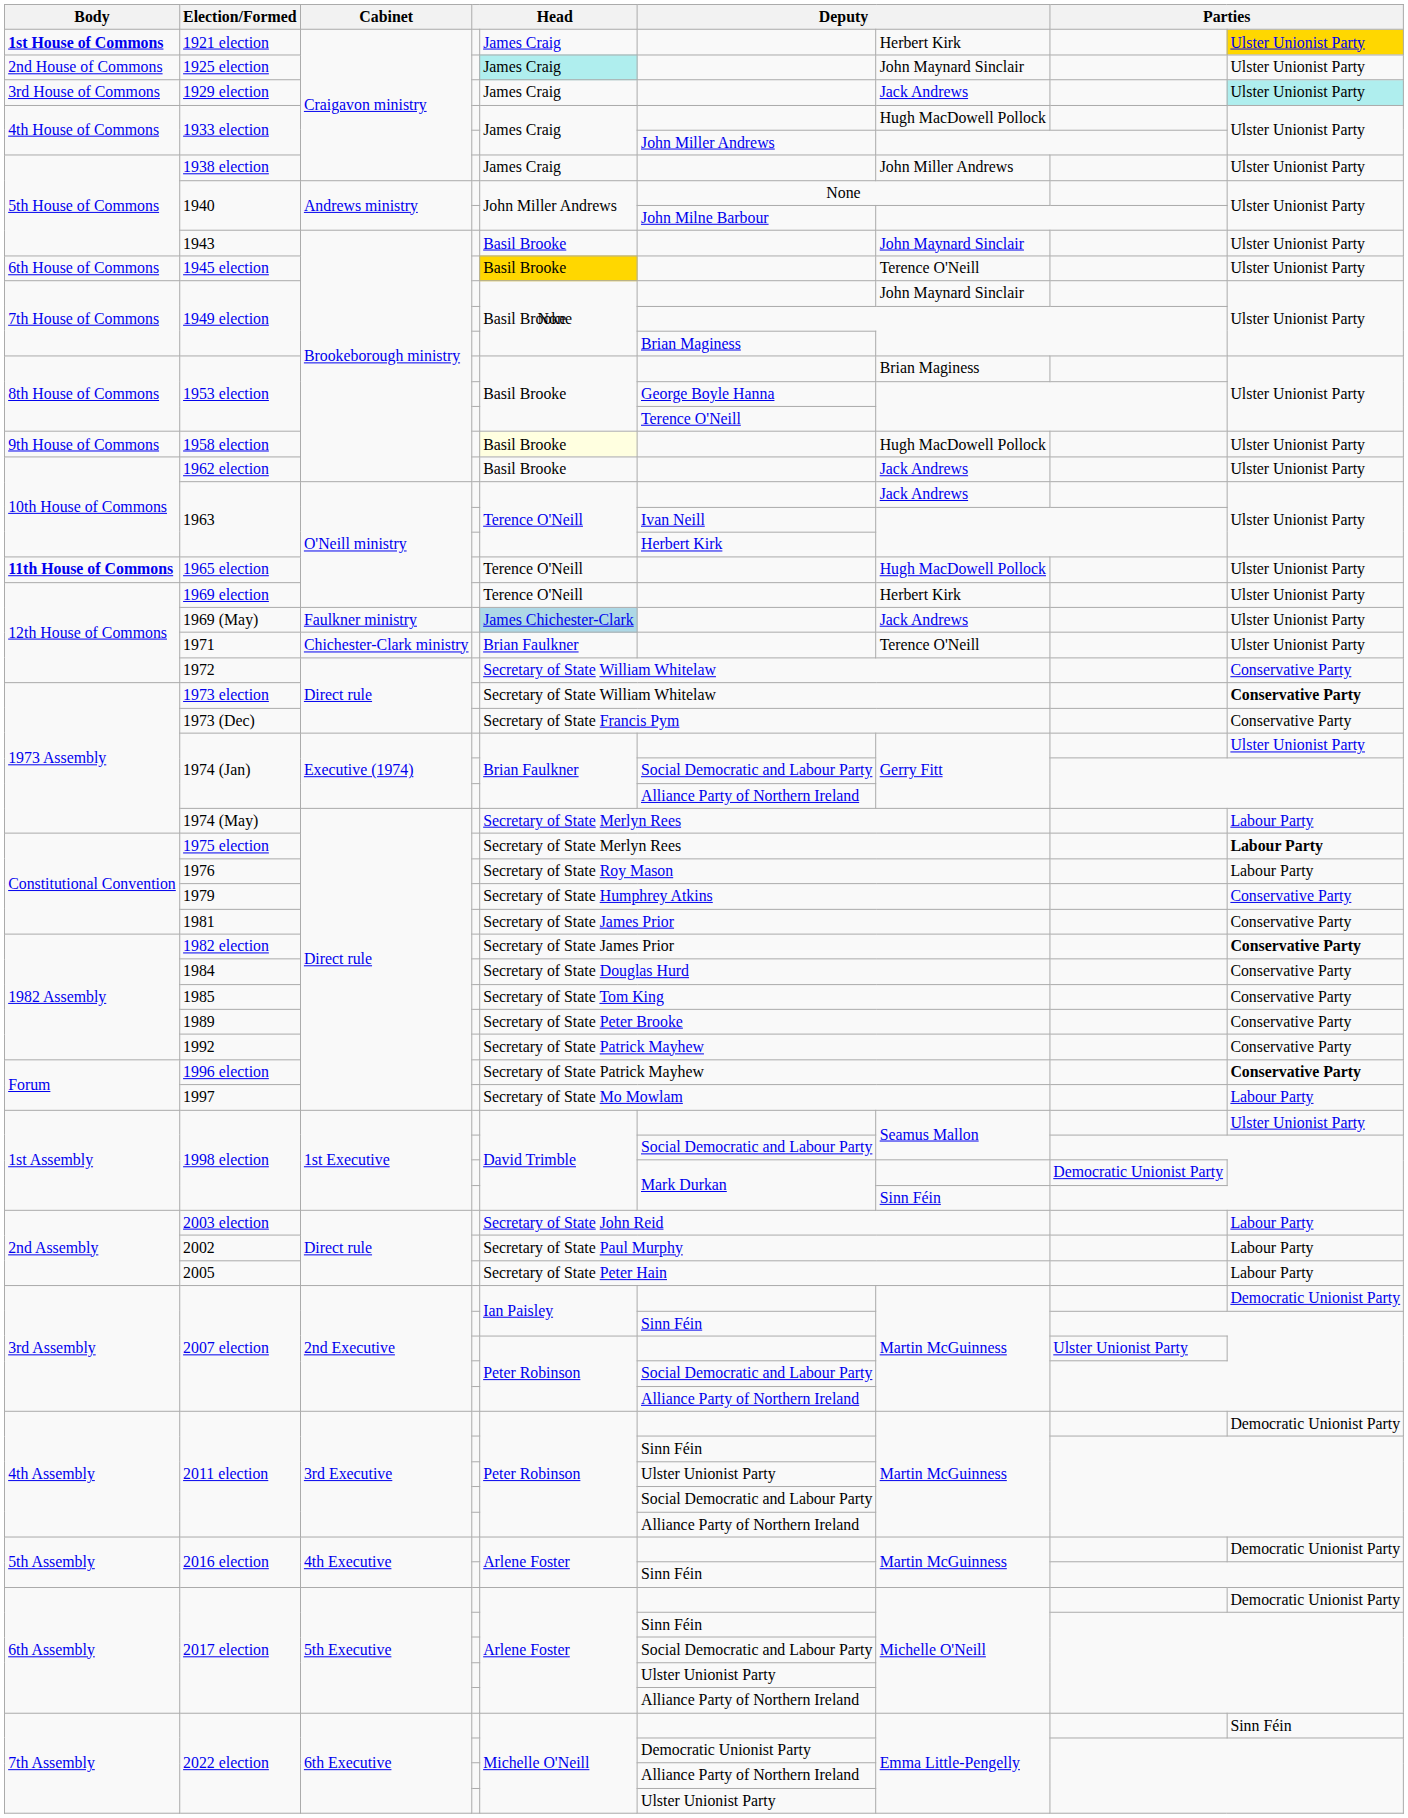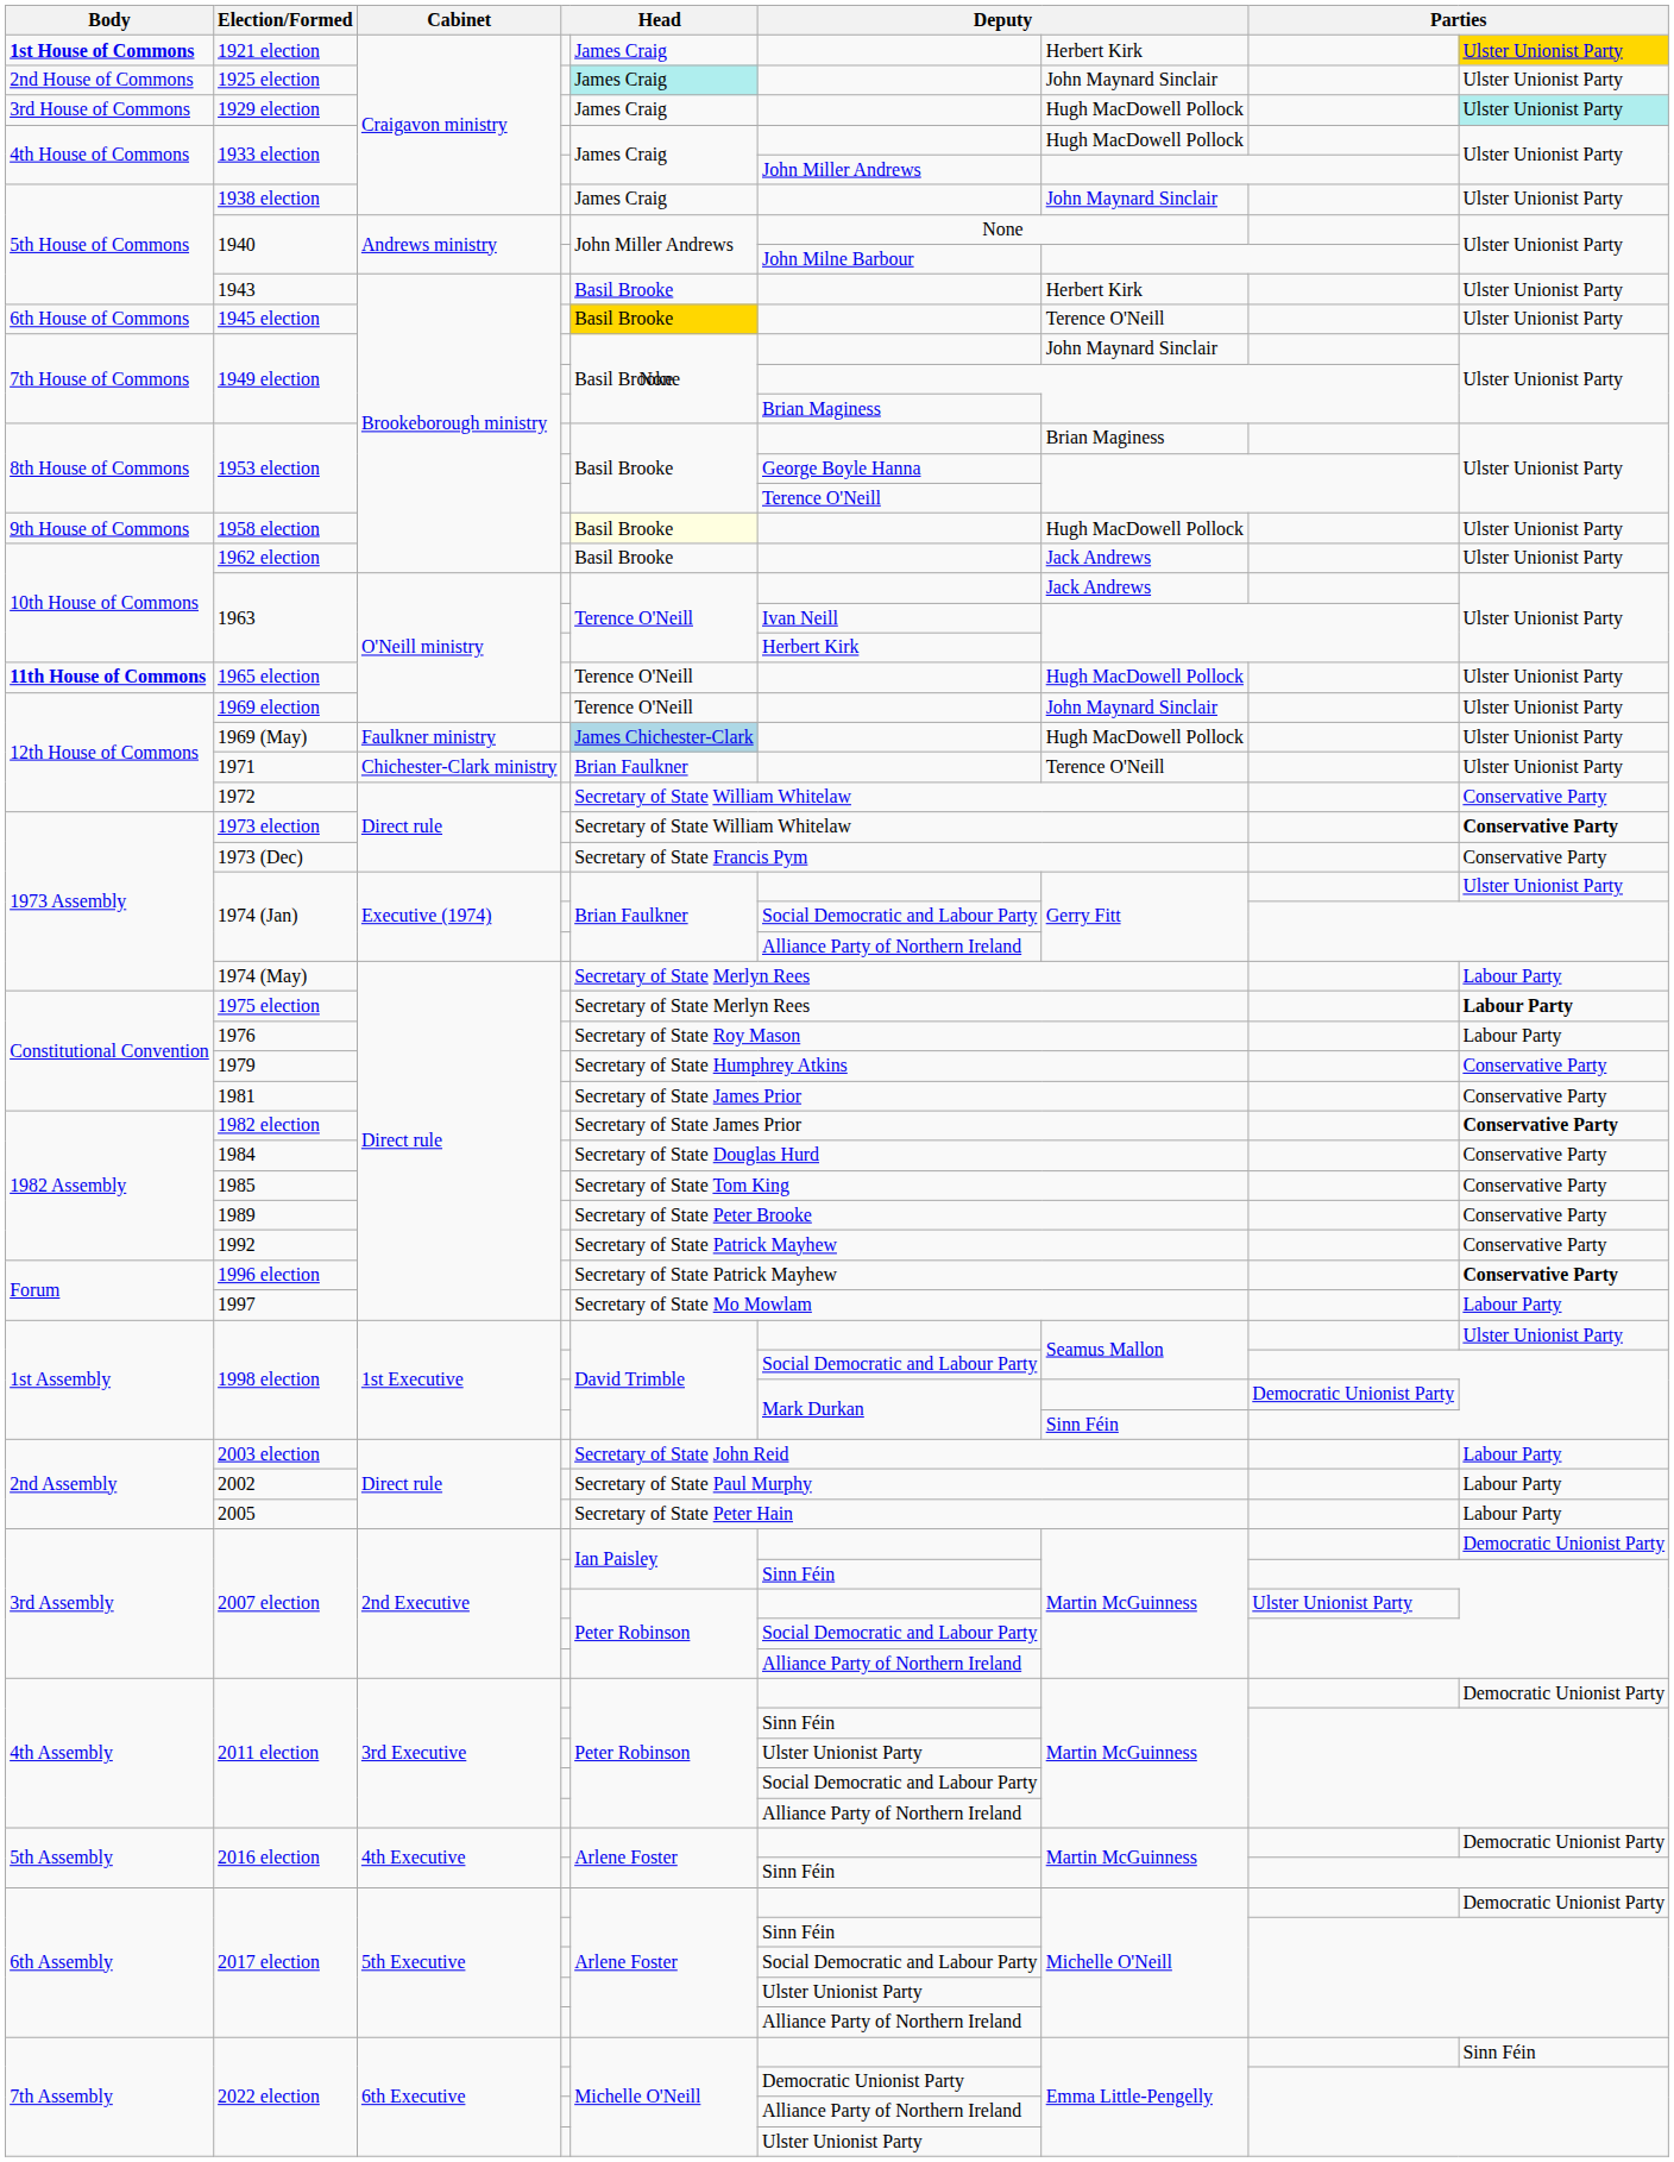 <table class="wikitable">
 <tr>
 <th>Body</th>
 <th>Election/Formed</th>
 <th>Cabinet</th>
 <th colspan="2">Head</th>
 <th colspan="2">Deputy</th>
 <th colspan="2">Parties</th>
 </tr>
 <tr>
 <td><strong><a href='#'>1st House of Commons</a></strong></td>
 <td><a href='#'>1921 election</a></td>
 <td rowspan=6><a href='#'>Craigavon ministry</a></td>
 <td style="background-color: "></td>
 <td><a href='#'>James Craig</a></td>
 <td style="background-color: "></td>
 <td>Herbert Kirk</td>
 <td style="background-color: "></td>
 <td style="background: gold;"><a href='#'>Ulster Unionist Party</a></td>
 </tr>
 <tr>
 <td><a href='#'>2nd House of Commons</a></td>
 <td><a href='#'>1925 election</a></td>
 <td style="background-color: "></td>
 <td style="background: paleturquoise;">James Craig</td>
 <td style="background-color: "></td>
 <td>John Maynard Sinclair</td>
 <td style="background-color: "></td>
 <td>Ulster Unionist Party</td>
 </tr>
 <tr>
 <td><a href='#'>3rd House of Commons</a></td>
 <td><a href='#'>1929 election</a></td>
 <td style="background-color: "></td>
 <td>James Craig</td>
 <td style="background-color: "></td>
-<td><a href='#'>Jack Andrews</a></td>
+<td>Hugh MacDowell Pollock</td>
 <td style="background-color: "></td>
 <td style="background: paleturquoise;">Ulster Unionist Party</td>
 </tr>
 <tr>
 <td rowspan=2><a href='#'>4th House of Commons</a></td>
 <td rowspan=2><a href='#'>1933 election</a></td>
 <td style="background-color: "></td>
 <td rowspan=2>James Craig</td>
 <td style="background-color: "></td>
 <td>Hugh MacDowell Pollock</td>
 <td style="background-color: "></td>
 <td rowspan=2>Ulster Unionist Party</td>
 </tr>
 <tr>
 <td style="background-color: "></td>
 <td><a href='#'>John Miller Andrews</a></td>
 </tr>
 <tr>
 <td rowspan=4><a href='#'>5th House of Commons</a></td>
 <td><a href='#'>1938 election</a></td>
 <td style="background-color: "></td>
 <td>James Craig</td>
 <td style="background-color: "></td>
-<td>John Miller Andrews</td>
+<td><a href='#'>John Maynard Sinclair</a></td>
 <td style="background-color: "></td>
 <td>Ulster Unionist Party</td>
 </tr>
 <tr>
 <td rowspan=2>1940</td>
 <td rowspan=2><a href='#'>Andrews ministry</a></td>
 <td style="background-color: "></td>
 <td rowspan=2>John Miller Andrews</td>
 <td colspan=2 align=center>None</td>
 <td style="background-color: "></td>
 <td rowspan=2>Ulster Unionist Party</td>
 </tr>
 <tr>
 <td style="background-color: "></td>
 <td><a href='#'>John Milne Barbour</a></td>
 </tr>
 <tr>
 <td>1943</td>
 <td rowspan=10><a href='#'>Brookeborough ministry</a></td>
 <td style="background-color: "></td>
 <td><a href='#'>Basil Brooke</a></td>
 <td style="background-color: "></td>
-<td><a href='#'>John Maynard Sinclair</a></td>
+<td>Herbert Kirk</td>
 <td style="background-color: "></td>
 <td>Ulster Unionist Party</td>
 </tr>
 <tr>
 <td><a href='#'>6th House of Commons</a></td>
 <td><a href='#'>1945 election</a></td>
 <td style="background-color: "></td>
 <td style="background: gold;">Basil Brooke</td>
 <td style="background-color: "></td>
 <td>Terence O'Neill</td>
 <td style="background-color: "></td>
 <td>Ulster Unionist Party</td>
 </tr>
 <tr>
 <td rowspan=3><a href='#'>7th House of Commons</a></td>
 <td rowspan=3><a href='#'>1949 election</a></td>
 <td style="background-color: "></td>
 <td rowspan=3>Basil Brooke</td>
 <td style="background-color: "></td>
 <td>John Maynard Sinclair</td>
 <td style="background-color: "></td>
 <td rowspan=3>Ulster Unionist Party</td>
 </tr>
 <tr>
 <td colspan=2 align=center>None</td>
 </tr>
 <tr>
 <td style="background-color: "></td>
 <td><a href='#'>Brian Maginess</a></td>
 </tr>
 <tr>
 <td rowspan=3><a href='#'>8th House of Commons</a></td>
 <td rowspan=3><a href='#'>1953 election</a></td>
 <td style="background-color: "></td>
 <td rowspan=3>Basil Brooke</td>
 <td style="background-color: "></td>
 <td>Brian Maginess</td>
 <td style="background-color: "></td>
 <td rowspan=3>Ulster Unionist Party</td>
 </tr>
 <tr>
 <td style="background-color: "></td>
 <td><a href='#'>George Boyle Hanna</a></td>
 </tr>
 <tr>
 <td style="background-color: "></td>
 <td><a href='#'>Terence O'Neill</a></td>
 </tr>
 <tr>
 <td><a href='#'>9th House of Commons</a></td>
 <td><a href='#'>1958 election</a></td>
 <td style="background-color: "></td>
 <td style="background: lightyellow;">Basil Brooke</td>
 <td style="background-color: "></td>
 <td>Hugh MacDowell Pollock</td>
 <td style="background-color: "></td>
 <td>Ulster Unionist Party</td>
 </tr>
 <tr>
 <td rowspan=4><a href='#'>10th House of Commons</a></td>
 <td><a href='#'>1962 election</a></td>
 <td style="background-color: "></td>
 <td>Basil Brooke</td>
 <td style="background-color: "></td>
 <td><a href='#'>Jack Andrews</a></td>
 <td style="background-color: "></td>
 <td>Ulster Unionist Party</td>
 </tr>
 <tr>
 <td rowspan=3>1963</td>
 <td rowspan=5><a href='#'>O'Neill ministry</a></td>
 <td style="background-color: "></td>
 <td rowspan=3><a href='#'>Terence O'Neill</a></td>
 <td style="background-color: "></td>
 <td><a href='#'>Jack Andrews</a></td>
 <td style="background-color: "></td>
 <td rowspan=3>Ulster Unionist Party</td>
 </tr>
 <tr>
 <td style="background-color: "></td>
 <td><a href='#'>Ivan Neill</a></td>
 </tr>
 <tr>
 <td style="background-color: "></td>
 <td><a href='#'>Herbert Kirk</a></td>
 </tr>
 <tr>
 <td><strong><a href='#'>11th House of Commons</a></strong></td>
 <td><a href='#'>1965 election</a></td>
 <td style="background-color: "></td>
 <td>Terence O'Neill</td>
 <td style="background-color: "></td>
 <td><a href='#'>Hugh MacDowell Pollock</a></td>
 <td style="background-color: "></td>
 <td>Ulster Unionist Party</td>
 </tr>
 <tr>
 <td rowspan=4><a href='#'>12th House of Commons</a></td>
 <td><a href='#'>1969 election</a></td>
 <td style="background-color: "></td>
 <td>Terence O'Neill</td>
 <td style="background-color: "></td>
-<td>Herbert Kirk</td>
+<td><a href='#'>John Maynard Sinclair</a></td>
 <td style="background-color: "></td>
 <td>Ulster Unionist Party</td>
 </tr>
 <tr>
 <td>1969 (May)</td>
 <td><a href='#'>Faulkner ministry</a></td>
 <td style="background-color: "></td>
 <td style="background: lightblue;"><a href='#'>James Chichester-Clark</a></td>
 <td style="background-color: "></td>
-<td><a href='#'>Jack Andrews</a></td>
+<td>Hugh MacDowell Pollock</td>
 <td style="background-color: "></td>
 <td>Ulster Unionist Party</td>
 </tr>
 <tr>
 <td>1971</td>
 <td><a href='#'>Chichester-Clark ministry</a></td>
 <td style="background-color: "></td>
 <td><a href='#'>Brian Faulkner</a></td>
 <td style="background-color: "></td>
 <td>Terence O'Neill</td>
 <td style="background-color: "></td>
 <td>Ulster Unionist Party</td>
 </tr>
 <tr>
 <td>1972</td>
 <td rowspan=3><a href='#'>Direct rule</a></td>
 <td style="background-color: "></td>
 <td colspan=3><a href='#'>Secretary of State</a> <a href='#'>William Whitelaw</a></td>
 <td style="background-color: "></td>
 <td><a href='#'>Conservative Party</a></td>
 </tr>
 <tr>
 <td rowspan=6><a href='#'>1973 Assembly</a></td>
 <td><a href='#'>1973 election</a></td>
 <td style="background-color: "></td>
 <td colspan=3>Secretary of State William Whitelaw</td>
 <td style="background-color: "></td>
 <td><strong>Conservative Party</strong></td>
 </tr>
 <tr>
 <td>1973 (Dec)</td>
 <td style="background-color: "></td>
 <td colspan=3>Secretary of State <a href='#'>Francis Pym</a></td>
 <td style="background-color: "></td>
 <td>Conservative Party</td>
 </tr>
 <tr>
 <td rowspan=3>1974 (Jan)</td>
 <td rowspan=3><a href='#'>Executive (1974)</a></td>
 <td style="background-color: "></td>
 <td rowspan=3><a href='#'>Brian Faulkner</a></td>
 <td style="background-color: "></td>
 <td rowspan=3><a href='#'>Gerry Fitt</a></td>
 <td style="background-color: "></td>
 <td><a href='#'>Ulster Unionist Party</a></td>
 </tr>
 <tr>
 <td style="background-color: "></td>
 <td><a href='#'>Social Democratic and Labour Party</a></td>
 </tr>
 <tr>
 <td style="background-color: "></td>
 <td><a href='#'>Alliance Party of Northern Ireland</a></td>
 </tr>
 <tr>
 <td>1974 (May)</td>
 <td rowspan=12><a href='#'>Direct rule</a></td>
 <td style="background-color: "></td>
 <td colspan=3><a href='#'>Secretary of State</a> <a href='#'>Merlyn Rees</a></td>
 <td style="background-color: "></td>
 <td><a href='#'>Labour Party</a></td>
 </tr>
 <tr>
 <td rowspan=4><a href='#'>Constitutional Convention</a></td>
 <td><a href='#'>1975 election</a></td>
 <td style="background-color: "></td>
 <td colspan=3>Secretary of State Merlyn Rees</td>
 <td style="background-color: "></td>
 <td><strong>Labour Party</strong></td>
 </tr>
 <tr>
 <td>1976</td>
 <td style="background-color: "></td>
 <td colspan=3>Secretary of State <a href='#'>Roy Mason</a></td>
 <td style="background-color: "></td>
 <td>Labour Party</td>
 </tr>
 <tr>
 <td>1979</td>
 <td style="background-color: "></td>
 <td colspan=3>Secretary of State <a href='#'>Humphrey Atkins</a></td>
 <td style="background-color: "></td>
 <td><a href='#'>Conservative Party</a></td>
 </tr>
 <tr>
 <td>1981</td>
 <td style="background-color: "></td>
 <td colspan=3>Secretary of State <a href='#'>James Prior</a></td>
 <td style="background-color: "></td>
 <td>Conservative Party</td>
 </tr>
 <tr>
 <td rowspan=5><a href='#'>1982 Assembly</a></td>
 <td><a href='#'>1982 election</a></td>
 <td style="background-color: "></td>
 <td colspan=3>Secretary of State James Prior</td>
 <td style="background-color: "></td>
 <td><strong>Conservative Party</strong></td>
 </tr>
 <tr>
 <td>1984</td>
 <td style="background-color: "></td>
 <td colspan=3>Secretary of State <a href='#'>Douglas Hurd</a></td>
 <td style="background-color: "></td>
 <td>Conservative Party</td>
 </tr>
 <tr>
 <td>1985</td>
 <td style="background-color: "></td>
 <td colspan=3>Secretary of State <a href='#'>Tom King</a></td>
 <td style="background-color: "></td>
 <td>Conservative Party</td>
 </tr>
 <tr>
 <td>1989</td>
 <td style="background-color: "></td>
 <td colspan=3>Secretary of State <a href='#'>Peter Brooke</a></td>
 <td style="background-color: "></td>
 <td>Conservative Party</td>
 </tr>
 <tr>
 <td>1992</td>
 <td style="background-color: "></td>
 <td colspan=3>Secretary of State <a href='#'>Patrick Mayhew</a></td>
 <td style="background-color: "></td>
 <td>Conservative Party</td>
 </tr>
 <tr>
 <td rowspan=2><a href='#'>Forum</a></td>
 <td><a href='#'>1996 election</a></td>
 <td style="background-color: "></td>
 <td colspan=3>Secretary of State Patrick Mayhew</td>
 <td style="background-color: "></td>
 <td><strong>Conservative Party</strong></td>
 </tr>
 <tr>
 <td>1997</td>
 <td style="background-color: "></td>
 <td colspan=3>Secretary of State <a href='#'>Mo Mowlam</a></td>
 <td style="background-color: "></td>
 <td><a href='#'>Labour Party</a></td>
 </tr>
 <tr>
 <td rowspan=4><a href='#'>1st Assembly</a></td>
 <td rowspan=4><a href='#'>1998 election</a></td>
 <td rowspan=4><a href='#'>1st Executive</a></td>
 <td style="background-color: "></td>
 <td rowspan=4><a href='#'>David Trimble</a></td>
 <td style="background-color: "></td>
 <td rowspan=2><a href='#'>Seamus Mallon</a></td>
 <td style="background-color: "></td>
 <td><a href='#'>Ulster Unionist Party</a></td>
 </tr>
 <tr>
 <td style="background-color: "></td>
 <td><a href='#'>Social Democratic and Labour Party</a></td>
 </tr>
 <tr>
 <td style="background-color: "></td>
 <td rowspan=2><a href='#'>Mark Durkan</a></td>
 <td style="background-color: "></td>
 <td><a href='#'>Democratic Unionist Party</a></td>
 </tr>
 <tr>
 <td style="background-color: "></td>
 <td><a href='#'>Sinn Féin</a></td>
 </tr>
 <tr>
 <td rowspan=3><a href='#'>2nd Assembly</a></td>
 <td><a href='#'>2003 election</a></td>
 <td rowspan=3><a href='#'>Direct rule</a></td>
 <td style="background-color: "></td>
 <td colspan=3><a href='#'>Secretary of State</a> <a href='#'>John Reid</a></td>
 <td style="background-color: "></td>
 <td><a href='#'>Labour Party</a></td>
 </tr>
 <tr>
 <td>2002</td>
 <td style="background-color: "></td>
 <td colspan=3>Secretary of State <a href='#'>Paul Murphy</a></td>
 <td style="background-color: "></td>
 <td>Labour Party</td>
 </tr>
 <tr>
 <td>2005</td>
 <td style="background-color: "></td>
 <td colspan=3>Secretary of State <a href='#'>Peter Hain</a></td>
 <td style="background-color: "></td>
 <td>Labour Party</td>
 </tr>
 <tr>
 <td rowspan=5><a href='#'>3rd Assembly</a></td>
 <td rowspan=5><a href='#'>2007 election</a></td>
 <td rowspan=5><a href='#'>2nd Executive</a></td>
 <td style="background-color: "></td>
 <td rowspan=2><a href='#'>Ian Paisley</a></td>
 <td style="background-color: "></td>
 <td rowspan=5><a href='#'>Martin McGuinness</a></td>
 <td style="background-color: "></td>
 <td><a href='#'>Democratic Unionist Party</a></td>
 </tr>
 <tr>
 <td style="background-color: "></td>
 <td><a href='#'>Sinn Féin</a></td>
 </tr>
 <tr>
 <td style="background-color: "></td>
 <td rowspan=3><a href='#'>Peter Robinson</a></td>
 <td style="background-color: "></td>
 <td><a href='#'>Ulster Unionist Party</a></td>
 </tr>
 <tr>
 <td style="background-color: "></td>
 <td><a href='#'>Social Democratic and Labour Party</a></td>
 </tr>
 <tr>
 <td style="background-color: "></td>
 <td><a href='#'>Alliance Party of Northern Ireland</a></td>
 </tr>
 <tr>
 <td rowspan=5><a href='#'>4th Assembly</a></td>
 <td rowspan=5><a href='#'>2011 election</a></td>
 <td rowspan=5><a href='#'>3rd Executive</a></td>
 <td style="background-color: "></td>
 <td rowspan=5><a href='#'>Peter Robinson</a></td>
 <td style="background-color: "></td>
 <td rowspan=5><a href='#'>Martin McGuinness</a></td>
 <td style="background-color: "></td>
 <td>Democratic Unionist Party</td>
 </tr>
 <tr>
 <td style="background-color: "></td>
 <td>Sinn Féin</td>
 </tr>
 <tr>
 <td style="background-color: "></td>
 <td>Ulster Unionist Party</td>
 </tr>
 <tr>
 <td style="background-color: "></td>
 <td>Social Democratic and Labour Party</td>
 </tr>
 <tr>
 <td style="background-color: "></td>
 <td>Alliance Party of Northern Ireland</td>
 </tr>
 <tr>
 <td rowspan=2><a href='#'>5th Assembly</a></td>
 <td rowspan=2><a href='#'>2016 election</a></td>
 <td rowspan=2><a href='#'>4th Executive</a></td>
 <td style="background-color: "></td>
 <td rowspan=2><a href='#'>Arlene Foster</a></td>
 <td style="background-color: "></td>
 <td rowspan=2><a href='#'>Martin McGuinness</a></td>
 <td style="background-color: "></td>
 <td>Democratic Unionist Party</td>
 </tr>
 <tr>
 <td style="background-color: "></td>
 <td>Sinn Féin</td>
 </tr>
 <tr>
 <td rowspan=5><a href='#'>6th Assembly</a></td>
 <td rowspan=5><a href='#'>2017 election</a></td>
 <td rowspan=5><a href='#'>5th Executive</a></td>
 <td style="background-color: "></td>
 <td rowspan=5><a href='#'>Arlene Foster</a></td>
 <td style="background-color: "></td>
 <td rowspan=5><a href='#'>Michelle O'Neill</a></td>
 <td style="background-color: "></td>
 <td>Democratic Unionist Party</td>
 </tr>
 <tr>
 <td style="background-color: "></td>
 <td>Sinn Féin</td>
 </tr>
 <tr>
 <td style="background-color: "></td>
 <td>Social Democratic and Labour Party</td>
 </tr>
 <tr>
 <td style="background-color: "></td>
 <td>Ulster Unionist Party</td>
 </tr>
 <tr>
 <td style="background-color: "></td>
 <td>Alliance Party of Northern Ireland</td>
 </tr>
 <tr>
 <td rowspan=4><a href='#'>7th Assembly</a></td>
 <td rowspan=4><a href='#'>2022 election</a></td>
 <td rowspan=4><a href='#'>6th Executive</a></td>
 <td style="background-color: "></td>
 <td rowspan=4><a href='#'>Michelle O'Neill</a></td>
 <td style="background-color: "></td>
 <td rowspan=4><a href='#'>Emma Little-Pengelly</a></td>
 <td style="background-color: "></td>
 <td>Sinn Féin</td>
 </tr>
 <tr>
 <td style="background-color: "></td>
 <td>Democratic Unionist Party</td>
 </tr>
 <tr>
 <td style="background-color: "></td>
 <td>Alliance Party of Northern Ireland</td>
 </tr>
 <tr>
 <td style="background-color: "></td>
 <td>Ulster Unionist Party</td>
 </tr>
 </table>
